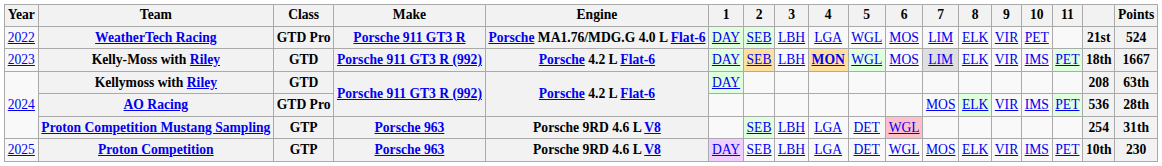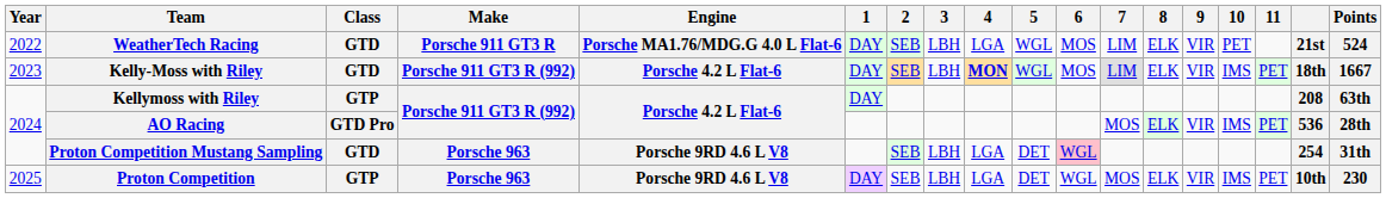 <table class="wikitable" style="text-align:center; font-size:85%">
 <tr>
 <th>Year</th>
 <th>Team</th>
 <th>Class</th>
 <th>Make</th>
 <th>Engine</th>
 <th>1</th>
 <th>2</th>
 <th>3</th>
 <th>4</th>
 <th>5</th>
 <th>6</th>
 <th>7</th>
 <th>8</th>
 <th>9</th>
 <th>10</th>
 <th>11</th>
 <th></th>
 <th>Points</th>
 </tr>
 <tr>
 <td><a href='#'>2022</a></td>
 <th nowrap><a href='#'>WeatherTech Racing</a></th>
-<th nowrap>GTD Pro</th>
+<th>GTD</th>
 <th nowrap><a href='#'>Porsche 911 GT3 R</a></th>
 <th nowrap><a href='#'>Porsche</a> MA1.76/MDG.G 4.0 L <a href='#'>Flat-6</a></th>
 <td style="background:#DFFFDF;"><a href='#'>DAY</a><br></td>
 <td style="background:#DFFFDF;"><a href='#'>SEB</a><br></td>
 <td style="background:"><a href='#'>LBH</a></td>
 <td style="background:"><a href='#'>LGA</a></td>
 <td style="background:"><a href='#'>WGL</a></td>
 <td style="background:"><a href='#'>MOS</a></td>
 <td style="background:"><a href='#'>LIM</a></td>
 <td style="background:"><a href='#'>ELK</a></td>
 <td style="background:"><a href='#'>VIR</a></td>
 <td style="background:"><a href='#'>PET</a></td>
 <td></td>
 <th>21st</th>
 <th>524</th>
 </tr>
 <tr>
 <td><a href='#'>2023</a></td>
 <th nowrap>Kelly-Moss with <a href='#'>Riley</a></th>
 <th>GTD</th>
 <th nowrap><a href='#'>Porsche 911 GT3 R (992)</a></th>
 <th nowrap><a href='#'>Porsche</a> 4.2 L <a href='#'>Flat-6</a></th>
 <td style="background:#DFFFDF;"><a href='#'>DAY</a><br></td>
 <td style="background:#FFDF9F;"><a href='#'>SEB</a><br></td>
 <td style="background:#;"><a href='#'>LBH</a></td>
 <td style="background:#FFDF9F;"><strong><a href='#'>MON</a><br></strong></td>
 <td style="background:#DFFFDF;"><a href='#'>WGL</a><br></td>
 <td style="background:#;"><a href='#'>MOS</a></td>
 <td style="background:#DFDFDF;”"><a href='#'>LIM</a><br></td>
 <td style="background:#;"><a href='#'>ELK</a></td>
 <td style="background:#;"><a href='#'>VIR</a></td>
 <td style="background:#;"><a href='#'>IMS</a></td>
 <td style="background:#DFFFDF;"><a href='#'>PET</a><br></td>
 <th>18th</th>
 <th>1667</th>
 </tr>
 <tr>
 <td rowspan=3><a href='#'>2024</a></td>
 <th nowrap>Kellymoss with <a href='#'>Riley</a></th>
-<th>GTD</th>
+<th>GTP</th>
 <th nowrap rowspan=2><a href='#'>Porsche 911 GT3 R (992)</a></th>
 <th nowrap rowspan=2><a href='#'>Porsche</a> 4.2 L <a href='#'>Flat-6</a></th>
 <td style="background:#DFFFDF;"><a href='#'>DAY</a><br></td>
 <td></td>
 <td></td>
 <td></td>
 <td></td>
 <td></td>
 <td></td>
 <td></td>
 <td></td>
 <td></td>
 <td></td>
 <th>208</th>
 <th>63th</th>
 </tr>
 <tr>
 <th nowrap><a href='#'>AO Racing</a></th>
 <th>GTD Pro</th>
 <td></td>
 <td></td>
 <td></td>
 <td></td>
 <td></td>
 <td></td>
 <td><a href='#'>MOS</a></td>
 <td style="background:#DFFFDF;"><a href='#'>ELK</a><br></td>
 <td><a href='#'>VIR</a></td>
 <td><a href='#'>IMS</a></td>
 <td style="background:#DFFFDF;"><a href='#'>PET</a><br></td>
 <th>536</th>
 <th>28th</th>
 </tr>
 <tr>
 <th nowrap><a href='#'>Proton Competition Mustang Sampling</a></th>
-<th>GTP</th>
+<th>GTD</th>
 <th nowrap><a href='#'>Porsche 963</a></th>
 <th nowrap>Porsche 9RD 4.6 L <a href='#'>V8</a></th>
 <td></td>
 <td style="background:#DFFFDF;"><a href='#'>SEB</a><br></td>
 <td><a href='#'>LBH</a></td>
 <td><a href='#'>LGA</a></td>
 <td><a href='#'>DET</a></td>
 <td style="background: pink;"><a href='#'>WGL</a></td>
 <td></td>
 <td></td>
 <td></td>
 <td></td>
 <td></td>
 <th>254</th>
 <th>31th</th>
 </tr>
 <tr>
 <td><a href='#'>2025</a></td>
 <th nowrap><a href='#'>Proton Competition</a></th>
 <th>GTP</th>
 <th nowrap><a href='#'>Porsche 963</a></th>
 <th nowrap>Porsche 9RD 4.6 L <a href='#'>V8</a></th>
 <td style="background:#efcfff"><a href='#'>DAY</a><br></td>
 <td><a href='#'>SEB</a></td>
 <td><a href='#'>LBH</a></td>
 <td><a href='#'>LGA</a></td>
 <td><a href='#'>DET</a></td>
 <td><a href='#'>WGL</a></td>
 <td><a href='#'>MOS</a></td>
 <td><a href='#'>ELK</a></td>
 <td><a href='#'>VIR</a></td>
 <td><a href='#'>IMS</a></td>
 <td><a href='#'>PET</a></td>
 <th>10th</th>
 <th>230</th>
 </tr>
 </table>
